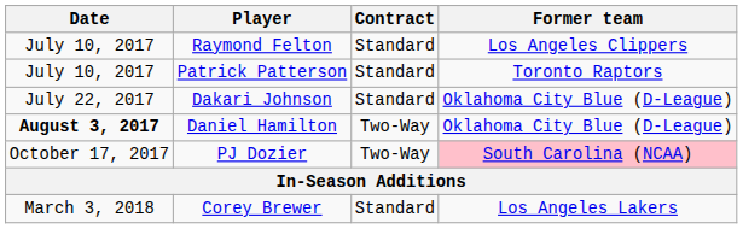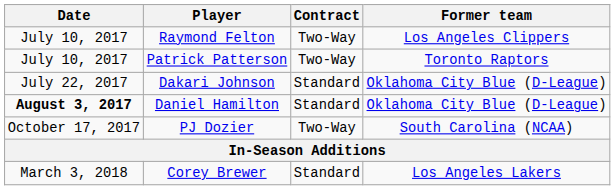 <table class="wikitable" style="text-align: center">
 <tr>
 <th>Date</th>
 <th>Player</th>
 <th>Contract</th>
 <th>Former team</th>
 </tr>
 <tr style="text-align: center">
 <td>July 10, 2017</td>
 <td><a href='#'>Raymond Felton</a></td>
-<td>Standard</td>
+<td>Two-Way</td>
 <td><a href='#'>Los Angeles Clippers</a></td>
 </tr>
 <tr style="text-align: center">
 <td>July 10, 2017</td>
 <td><a href='#'>Patrick Patterson</a></td>
-<td>Standard</td>
+<td>Two-Way</td>
 <td><a href='#'>Toronto Raptors</a></td>
 </tr>
 <tr style="text-align: center">
 <td>July 22, 2017</td>
 <td><a href='#'>Dakari Johnson</a></td>
 <td>Standard</td>
 <td><a href='#'>Oklahoma City Blue</a> (<a href='#'>D-League</a>)</td>
 </tr>
 <tr style="text-align: center">
 <td><strong>August 3, 2017</strong></td>
 <td><a href='#'>Daniel Hamilton</a></td>
-<td>Two-Way</td>
+<td>Standard</td>
 <td><a href='#'>Oklahoma City Blue</a> (<a href='#'>D-League</a>)</td>
 </tr>
 <tr style="text-align: center">
 <td>October 17, 2017</td>
 <td><a href='#'>PJ Dozier</a></td>
 <td>Two-Way</td>
-<td style="background: pink;"> <a href='#'>South Carolina</a> (<a href='#'>NCAA</a>)</td>
+<td> <a href='#'>South Carolina</a> (<a href='#'>NCAA</a>)</td>
 </tr>
 <tr>
 <th scope="row" colspan="6" style="text-align:center;”">In-Season Additions</th>
 </tr>
 <tr style="text-align: center">
 <td>March 3, 2018</td>
 <td><a href='#'>Corey Brewer</a></td>
 <td>Standard</td>
 <td><a href='#'>Los Angeles Lakers</a></td>
 </tr>
 </table>
